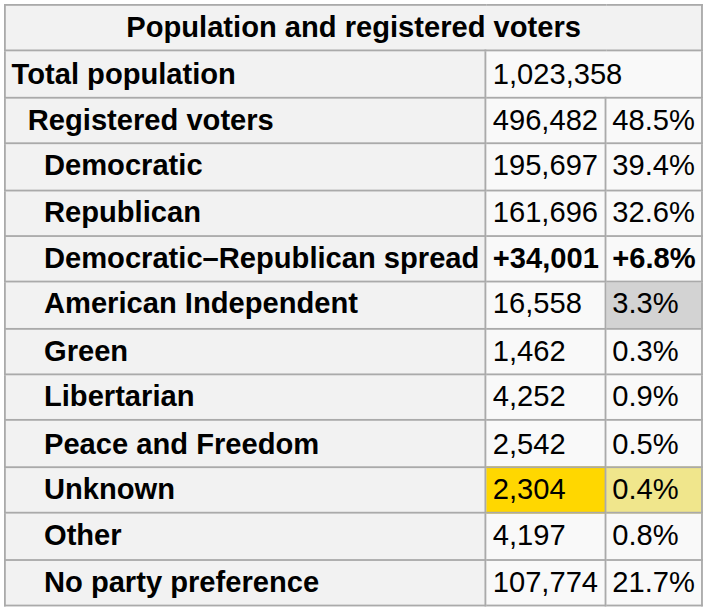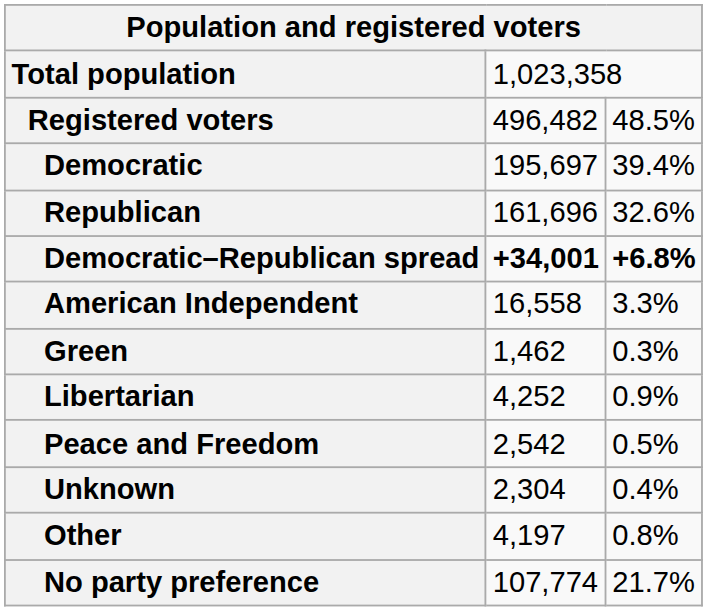 <table class="wikitable collapsible collapsed">
 <tr>
 <th colspan="3">Population and registered voters</th>
 </tr>
 <tr>
 <th scope="row" style="text-align: left;">Total population</th>
 <td colspan="2">1,023,358</td>
 </tr>
 <tr>
 <th scope="row" style="text-align: left;">  Registered voters</th>
 <td>496,482</td>
 <td>48.5%</td>
 </tr>
 <tr>
 <th scope="row" style="text-align: left;">    Democratic</th>
 <td>195,697</td>
 <td>39.4%</td>
 </tr>
 <tr>
 <th scope="row" style="text-align: left;">    Republican</th>
 <td>161,696</td>
 <td>32.6%</td>
 </tr>
 <tr>
 <th scope="row" style="text-align: left;">    Democratic–Republican spread</th>
 <td><span><strong>+34,001</strong></span></td>
 <td><span><strong>+6.8%</strong></span></td>
 </tr>
 <tr>
 <th scope="row" style="text-align: left;">    American Independent</th>
 <td>16,558</td>
-<td style="background: lightgrey;">3.3%</td>
+<td>3.3%</td>
 </tr>
 <tr>
 <th scope="row" style="text-align: left;">    Green</th>
 <td>1,462</td>
 <td>0.3%</td>
 </tr>
 <tr>
 <th scope="row" style="text-align: left;">    Libertarian</th>
 <td>4,252</td>
 <td>0.9%</td>
 </tr>
 <tr>
 <th scope="row" style="text-align: left;">    Peace and Freedom</th>
 <td>2,542</td>
 <td>0.5%</td>
 </tr>
 <tr>
 <th scope="row" style="text-align: left;">    Unknown</th>
-<td style="background: gold;">2,304</td>
-<td style="background: khaki;">0.4%</td>
+<td>2,304</td>
+<td>0.4%</td>
 </tr>
 <tr>
 <th scope="row" style="text-align: left;">    Other</th>
 <td>4,197</td>
 <td>0.8%</td>
 </tr>
 <tr>
 <th scope="row" style="text-align: left;">    No party preference</th>
 <td>107,774</td>
 <td>21.7%</td>
 </tr>
 </table>
